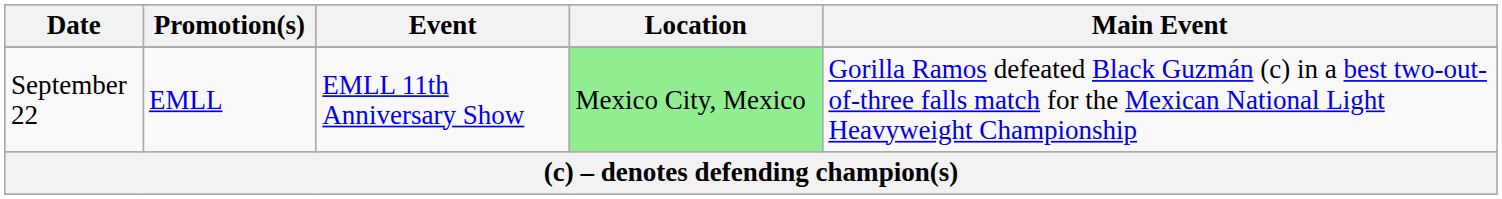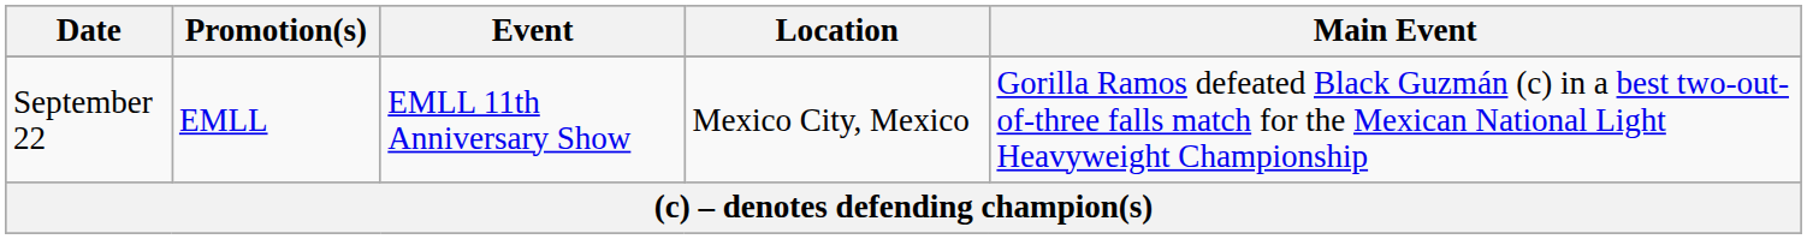 <table class="wikitable" style="width:100%;">
 <tr>
 <th width=5%>Date</th>
 <th width=5%>Promotion(s)</th>
 <th style="width:15%;">Event</th>
 <th style="width:15%;">Location</th>
 <th style="width:40%;">Main Event</th>
 </tr>
 <tr style="width:20%;"| Notes>
 </tr>
 <tr>
 <td>September 22</td>
 <td><a href='#'>EMLL</a></td>
 <td><a href='#'>EMLL 11th Anniversary Show</a></td>
-<td style="background: lightgreen;">Mexico City, Mexico</td>
+<td>Mexico City, Mexico</td>
 <td><a href='#'>Gorilla Ramos</a> defeated <a href='#'>Black Guzmán</a> (c) in a <a href='#'>best two-out-of-three falls match</a> for the <a href='#'>Mexican National Light Heavyweight Championship</a></td>
 </tr>
 <tr>
 <th colspan="5">(c) – denotes defending champion(s)</th>
 </tr>
 </table>
